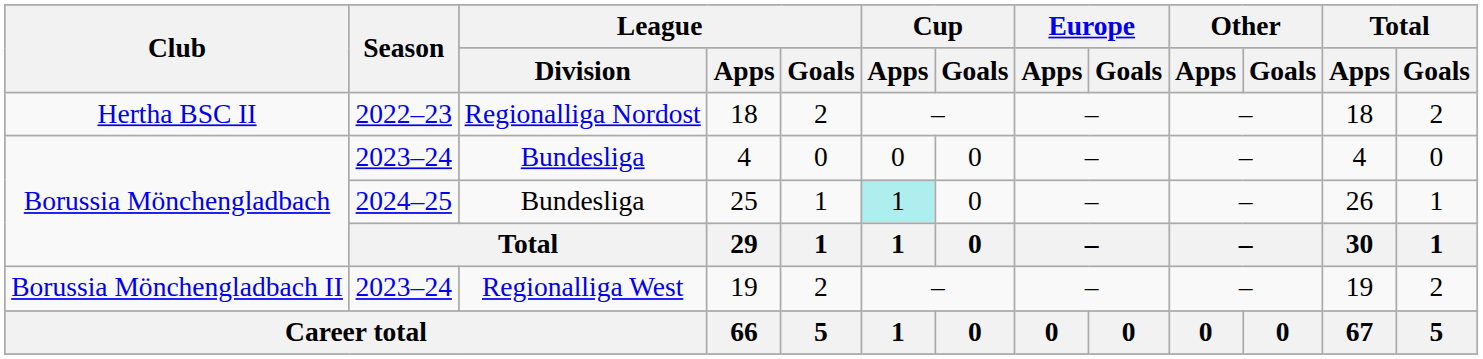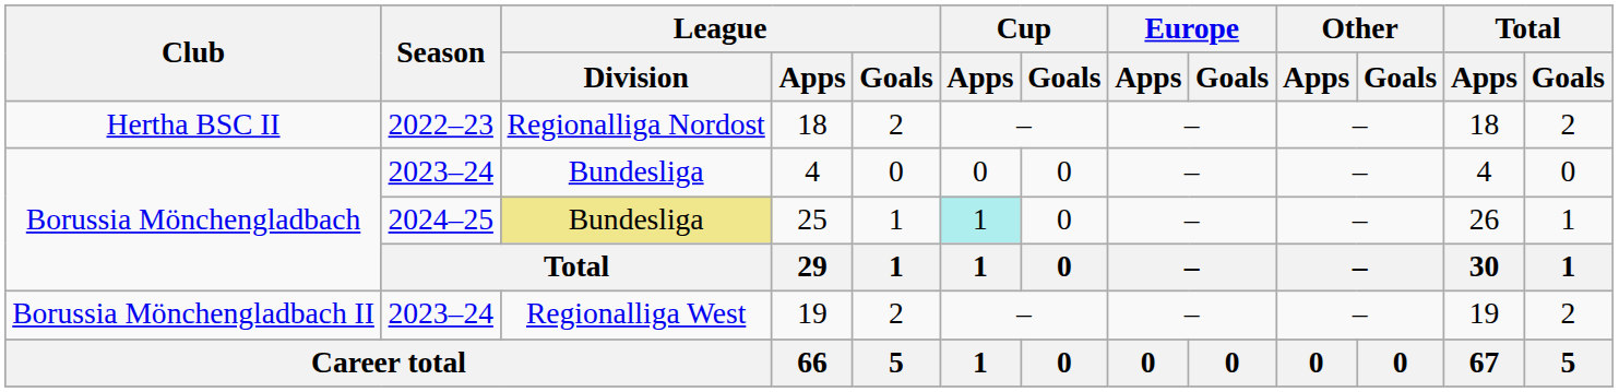 <table class="wikitable" style="text-align:center">
 <tr>
 <th rowspan="2">Club</th>
 <th rowspan="2">Season</th>
 <th colspan="3">League</th>
 <th colspan="2">Cup</th>
 <th colspan="2"><a href='#'>Europe</a></th>
 <th colspan="2">Other</th>
 <th colspan="2">Total</th>
 </tr>
 <tr>
 <th>Division</th>
 <th>Apps</th>
 <th>Goals</th>
 <th>Apps</th>
 <th>Goals</th>
 <th>Apps</th>
 <th>Goals</th>
 <th>Apps</th>
 <th>Goals</th>
 <th>Apps</th>
 <th>Goals</th>
 </tr>
 <tr>
 <td><a href='#'>Hertha BSC II</a></td>
 <td><a href='#'>2022–23</a></td>
 <td><a href='#'>Regionalliga Nordost</a></td>
 <td>18</td>
 <td>2</td>
 <td colspan="2">–</td>
 <td colspan="2">–</td>
 <td colspan="2">–</td>
 <td>18</td>
 <td>2</td>
 </tr>
 <tr>
 <td rowspan="3"><a href='#'>Borussia Mönchengladbach</a></td>
 <td><a href='#'>2023–24</a></td>
 <td><a href='#'>Bundesliga</a></td>
 <td>4</td>
 <td>0</td>
 <td>0</td>
 <td>0</td>
 <td colspan="2">–</td>
 <td colspan="2">–</td>
 <td>4</td>
 <td>0</td>
 </tr>
 <tr>
 <td><a href='#'>2024–25</a></td>
-<td>Bundesliga</td>
+<td style="background: khaki;">Bundesliga</td>
 <td>25</td>
 <td>1</td>
 <td style="background: paleturquoise;">1</td>
 <td>0</td>
 <td colspan="2">–</td>
 <td colspan="2">–</td>
 <td>26</td>
 <td>1</td>
 </tr>
 <tr>
 <th colspan="2">Total</th>
 <th>29</th>
 <th>1</th>
 <th>1</th>
 <th>0</th>
 <th colspan="2">–</th>
 <th colspan="2">–</th>
 <th>30</th>
 <th>1</th>
 </tr>
 <tr>
 <td><a href='#'>Borussia Mönchengladbach II</a></td>
 <td><a href='#'>2023–24</a></td>
 <td><a href='#'>Regionalliga West</a></td>
 <td>19</td>
 <td>2</td>
 <td colspan="2">–</td>
 <td colspan="2">–</td>
 <td colspan="2">–</td>
 <td>19</td>
 <td>2</td>
 </tr>
 <tr>
 <th colspan="3">Career total</th>
 <th>66</th>
 <th>5</th>
 <th>1</th>
 <th>0</th>
 <th>0</th>
 <th>0</th>
 <th>0</th>
 <th>0</th>
 <th>67</th>
 <th>5</th>
 </tr>
 </table>
